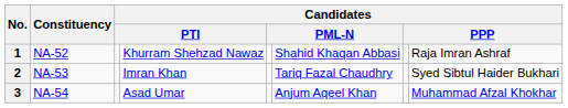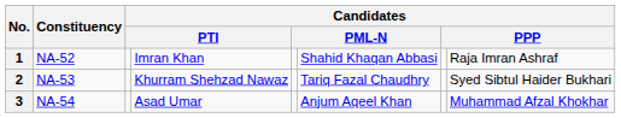 <table class="wikitable sortable">
 <tr>
 <th rowspan="2">No.</th>
 <th rowspan="2">Constituency</th>
 <th colspan="6">Candidates</th>
 </tr>
 <tr>
 <th colspan="2"><a href='#'>PTI</a></th>
 <th colspan="2"><a href='#'>PML-N</a></th>
 <th colspan="2"><a href='#'>PPP</a></th>
 </tr>
 <tr>
 <th>1</th>
 <td><a href='#'>NA-52</a></td>
 <td style="background:"></td>
-<td><a href='#'>Khurram Shehzad Nawaz</a></td>
+<td><a href='#'>Imran Khan</a></td>
 <td style="background:"></td>
 <td><a href='#'>Shahid Khaqan Abbasi</a></td>
 <td style="background:"></td>
 <td>Raja Imran Ashraf</td>
 </tr>
 <tr>
 <th>2</th>
 <td><a href='#'>NA-53</a></td>
 <td style="background:"></td>
-<td><a href='#'>Imran Khan</a></td>
+<td><a href='#'>Khurram Shehzad Nawaz</a></td>
 <td style="background:"></td>
 <td><a href='#'>Tariq Fazal Chaudhry</a></td>
 <td style="background:"></td>
 <td>Syed Sibtul Haider Bukhari</td>
 </tr>
 <tr>
 <th>3</th>
 <td><a href='#'>NA-54</a></td>
 <td style="background:"></td>
 <td><a href='#'>Asad Umar</a></td>
 <td style="background:"></td>
 <td><a href='#'>Anjum Aqeel Khan</a></td>
 <td style="background:"></td>
 <td><a href='#'>Muhammad Afzal Khokhar</a></td>
 </tr>
 </table>
